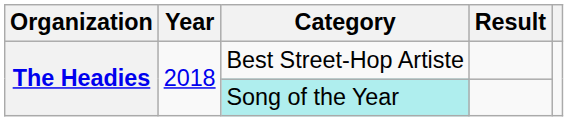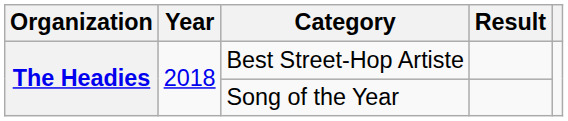 <table class="wikitable sortable plainrowheaders" style="border:none; margin:0;">
 <tr>
 <th scope="col">Organization</th>
 <th scope="col">Year</th>
 <th scope="col">Category</th>
 <th scope="col">Result</th>
 <th class="unsortable" scope="col"></th>
 </tr>
 <tr>
 <th scope="row" rowspan=2><a href='#'>The Headies</a></th>
 <td rowspan="2"><a href='#'>2018</a></td>
 <td>Best Street-Hop Artiste</td>
 <td></td>
 <td style="text-align:center" rowspan=2></td>
 </tr>
 <tr>
-<td style="background: paleturquoise;">Song of the Year</td>
+<td>Song of the Year</td>
 <td></td>
 </tr>
 </table>
